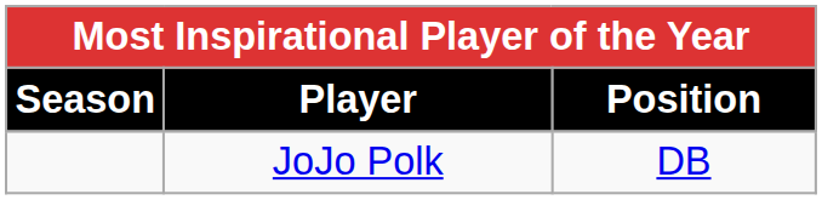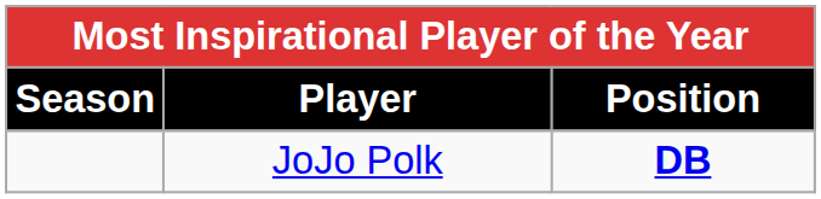 <table class="wikitable sortable" style="text-align:center">
 <tr>
 <td colspan="4" style="background:#d33; color:white;"><strong>Most Inspirational Player of the Year</strong></td>
 </tr>
 <tr>
 <th style="width:50px; background:#000; color:white;">Season</th>
 <th style="width:150px; background:#000; color:white;">Player</th>
 <th style="width:100px; background:#000; color:white;">Position</th>
 </tr>
 <tr>
 <td></td>
 <td><a href='#'>JoJo Polk</a></td>
-<td><a href='#'>DB</a></td>
+<td><strong><a href='#'>DB</a></strong></td>
 </tr>
 </table>
